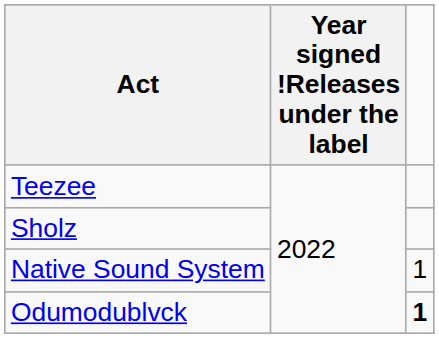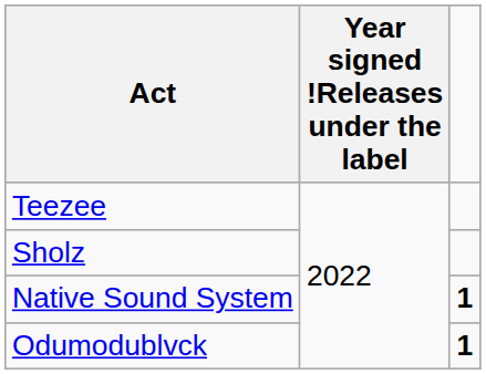 <table class="wikitable">
 <tr>
 <th>Act</th>
 <th>Year<br> signed<br>!Releases<br> under the<br> label</th>
 </tr>
 <tr>
 <td><a href='#'>Teezee</a></td>
 <td rowspan="4">2022</td>
 <td rowspan="1"></td>
 </tr>
 <tr>
 <td><a href='#'>Sholz</a></td>
 <td rowspan="1"></td>
 </tr>
 <tr>
 <td><a href='#'>Native Sound System</a></td>
-<td rowspan="1">1</td>
+<td rowspan="1"><strong>1</strong></td>
 </tr>
 <tr>
 <td><a href='#'>Odumodublvck</a></td>
 <td rowspan="1"><strong>1</strong></td>
 </tr>
 </table>
